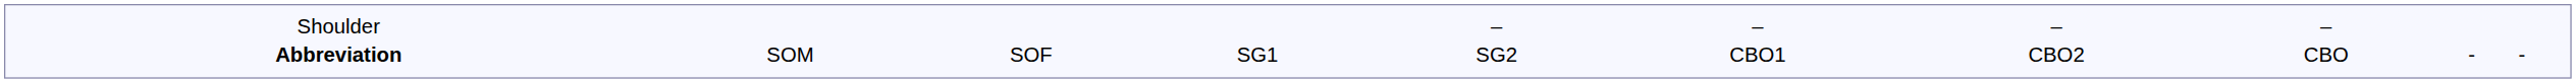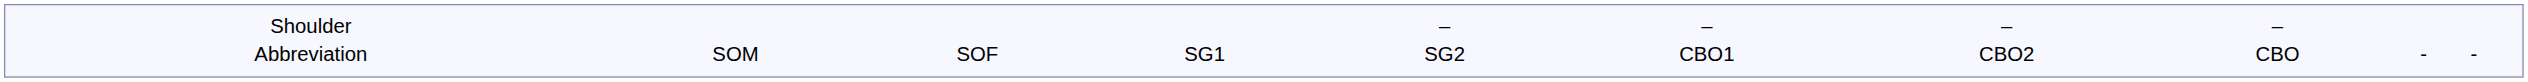 <table style="border:1px solid #8888aa; background-color:#f7f8ff; padding:5px; font-size:100%; margin: 0px 12px 12px 0px;width:100%">
 <tr align=center>
 <td>Shoulder</td>
 <td colspan=6></td>
 <td colspan=2></td>
 <td colspan=2></td>
 <td colspan=6 rowspan=2></td>
 <td colspan=6>–</td>
 <td colspan=4>–</td>
 <td colspan=1>–</td>
 <td colspan=1>–</td>
 <td colspan=6></td>
 <td colspan=2></td>
 <td colspan=2></td>
 </tr>
 <tr align="center">
-<td><strong>Abbreviation</strong></td>
+<td>Abbreviation</td>
 <td colspan=6>SOM</td>
 <td colspan=2>SOF</td>
 <td colspan=2>SG1</td>
 <td colspan=6>SG2</td>
 <td colspan=4>CBO1</td>
 <td colspan=1>CBO2</td>
 <td colspan=1>CBO</td>
 <td colspan=6>-</td>
 <td colspan=2>-</td>
 </tr>
 </table>
